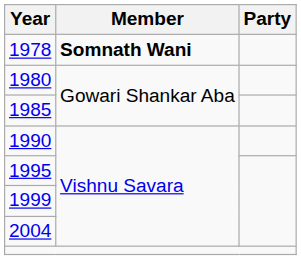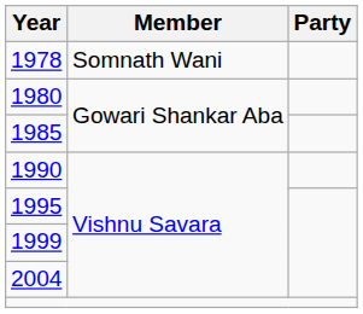 <table class="wikitable">
 <tr>
 <th>Year</th>
 <th>Member</th>
 <th colspan="2">Party</th>
 </tr>
 <tr>
 <td><a href='#'>1978</a></td>
-<td><strong>Somnath Wani</strong></td>
+<td>Somnath Wani</td>
 <td></td>
 </tr>
 <tr>
 <td><a href='#'>1980</a></td>
 <td rowspan="2">Gowari Shankar Aba</td>
 <td></td>
 </tr>
 <tr>
 <td><a href='#'>1985</a></td>
 <td></td>
 </tr>
 <tr>
 <td><a href='#'>1990</a></td>
 <td rowspan="4"><a href='#'>Vishnu Savara</a></td>
 <td></td>
 </tr>
 <tr>
 <td><a href='#'>1995</a></td>
 </tr>
 <tr>
 <td><a href='#'>1999</a></td>
 </tr>
 <tr>
 <td><a href='#'>2004</a></td>
 </tr>
 <tr>
 <td colspan="4"></td>
 </tr>
 </table>
